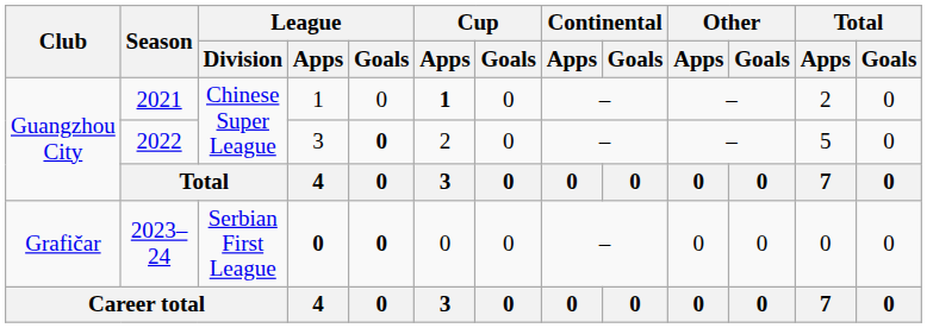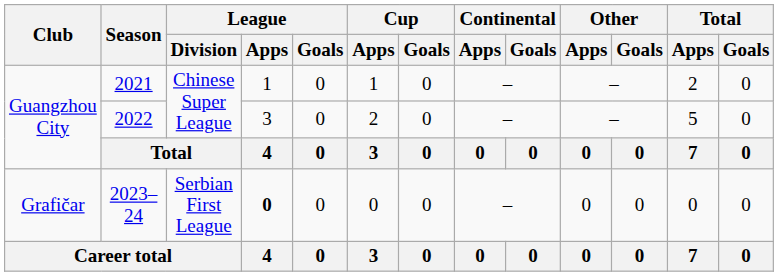 <table class=wikitable style=text-align:center>
 <tr>
 <th rowspan=2>Club</th>
 <th rowspan=2>Season</th>
 <th colspan=3>League</th>
 <th colspan=2>Cup</th>
 <th colspan=2>Continental</th>
 <th colspan=2>Other</th>
 <th colspan=2>Total</th>
 </tr>
 <tr>
 <th>Division</th>
 <th>Apps</th>
 <th>Goals</th>
 <th>Apps</th>
 <th>Goals</th>
 <th>Apps</th>
 <th>Goals</th>
 <th>Apps</th>
 <th>Goals</th>
 <th>Apps</th>
 <th>Goals</th>
 </tr>
 <tr>
 <td rowspan="3"><a href='#'>Guangzhou City</a></td>
 <td><a href='#'>2021</a></td>
 <td rowspan="2"><a href='#'>Chinese Super League</a></td>
 <td>1</td>
 <td>0</td>
-<td><strong>1</strong></td>
+<td>1</td>
 <td>0</td>
 <td colspan="2">–</td>
 <td colspan="2">–</td>
 <td>2</td>
 <td>0</td>
 </tr>
 <tr>
 <td><a href='#'>2022</a></td>
 <td>3</td>
-<td><strong>0</strong></td>
+<td>0</td>
 <td>2</td>
 <td>0</td>
 <td colspan="2">–</td>
 <td colspan="2">–</td>
 <td>5</td>
 <td>0</td>
 </tr>
 <tr>
 <th colspan="2">Total</th>
 <th>4</th>
 <th>0</th>
 <th>3</th>
 <th>0</th>
 <th>0</th>
 <th>0</th>
 <th>0</th>
 <th>0</th>
 <th>7</th>
 <th>0</th>
 </tr>
 <tr>
 <td><a href='#'>Grafičar</a></td>
 <td><a href='#'>2023–24</a></td>
 <td><a href='#'>Serbian First League</a></td>
 <td><strong>0</strong></td>
-<td><strong>0</strong></td>
+<td>0</td>
 <td>0</td>
 <td>0</td>
 <td colspan="2">–</td>
 <td>0</td>
 <td>0</td>
 <td>0</td>
 <td>0</td>
 </tr>
 <tr>
 <th colspan="3">Career total</th>
 <th>4</th>
 <th>0</th>
 <th>3</th>
 <th>0</th>
 <th>0</th>
 <th>0</th>
 <th>0</th>
 <th>0</th>
 <th>7</th>
 <th>0</th>
 </tr>
 </table>
